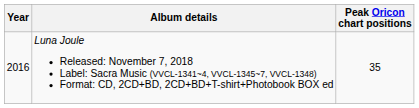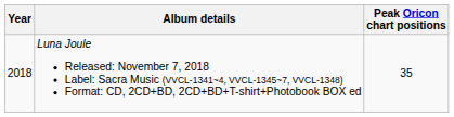 <table class="wikitable">
 <tr>
 <th>Year</th>
 <th>Album details</th>
 <th colspan="1">Peak <a href='#'>Oricon</a><br> chart positions</th>
 </tr>
 <tr>
-<td>2016</td>
+<td>2018</td>
 <td><em>Luna Joule</em><br><ul><li>Released: November 7, 2018</li><li>Label: Sacra Music <small> (VVCL-1341~4, VVCL-1345~7, VVCL-1348)</small></li><li>Format: CD, 2CD+BD, 2CD+BD+T-shirt+Photobook BOX ed</li></ul></td>
 <td align="center">35</td>
 </tr>
 </table>
